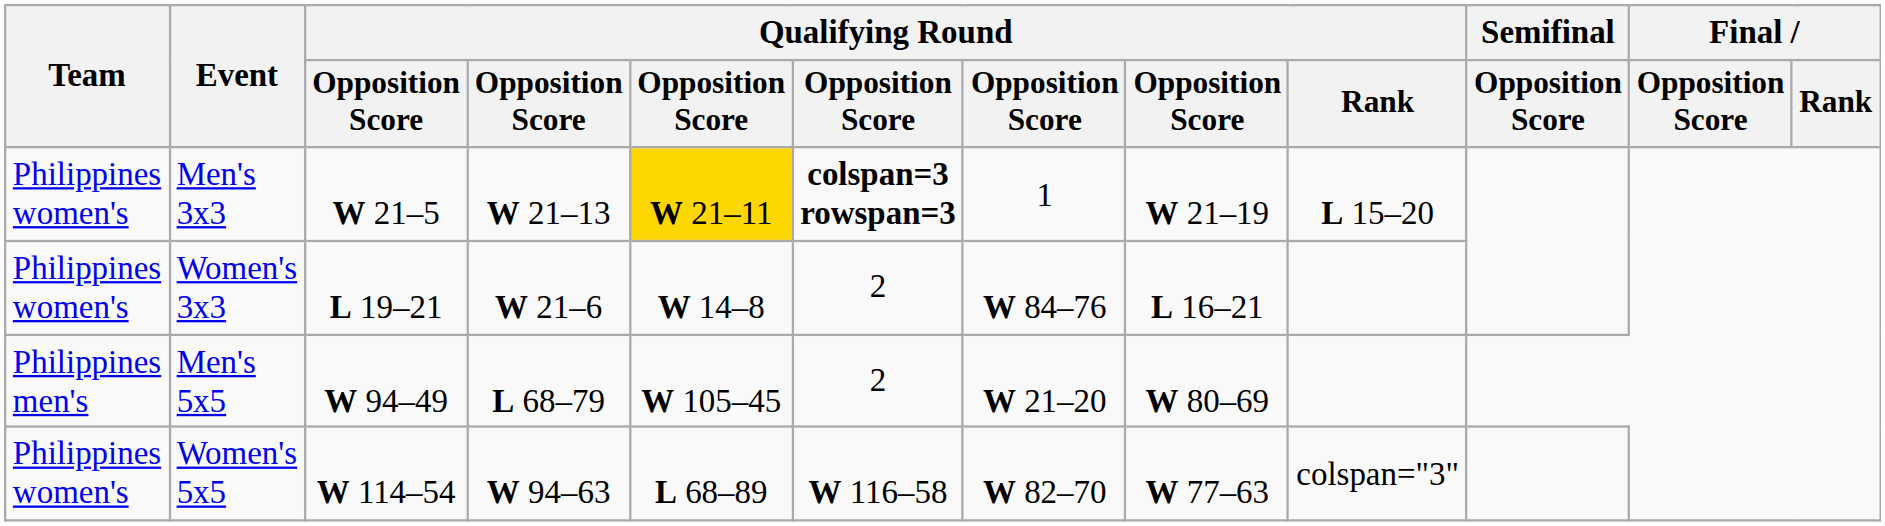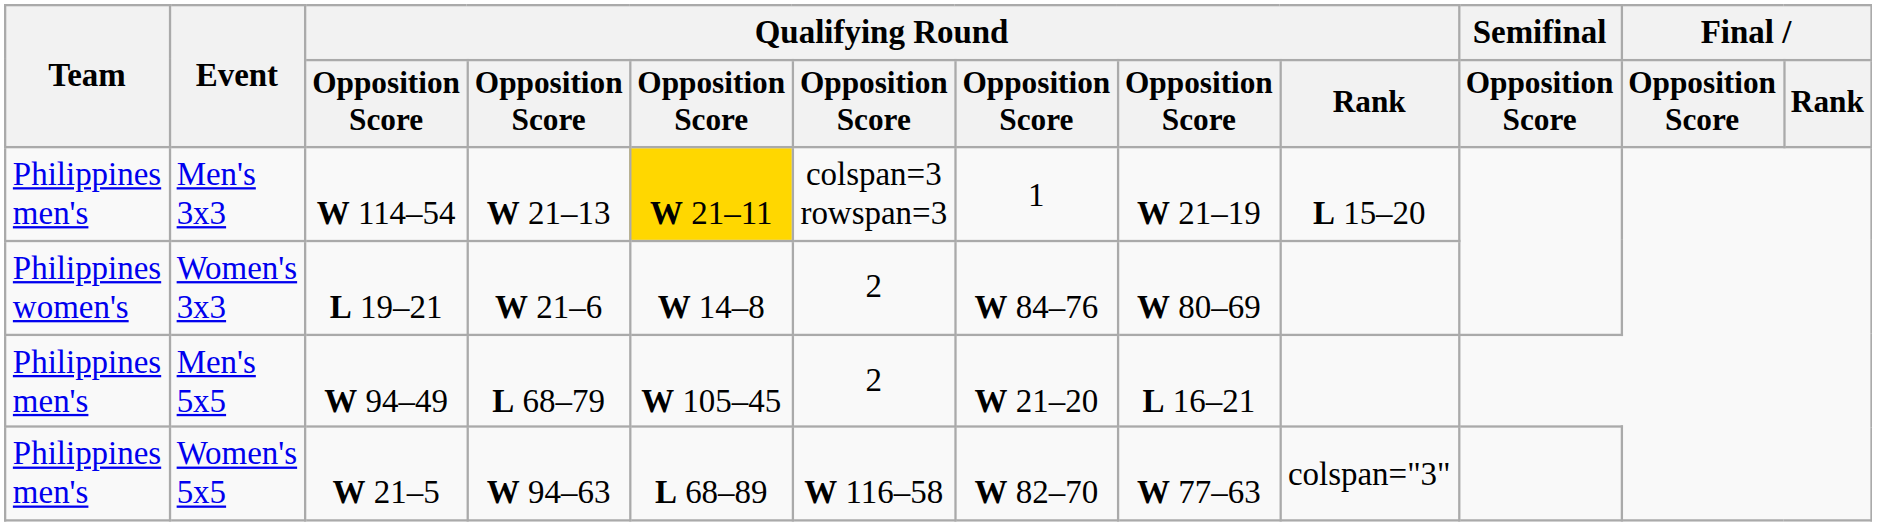 <table class="wikitable" style="font-size:90%">
 <tr>
 <th rowspan=2>Team</th>
 <th rowspan=2>Event</th>
 <th colspan=7>Qualifying Round</th>
 <th>Semifinal</th>
 <th colspan=2>Final / </th>
 </tr>
 <tr style="font-size:95%">
 <th>Opposition<br>Score</th>
 <th>Opposition<br>Score</th>
 <th>Opposition<br>Score</th>
 <th>Opposition<br>Score</th>
 <th>Opposition<br>Score</th>
 <th>Opposition<br>Score</th>
 <th>Rank</th>
 <th>Opposition<br>Score</th>
 <th>Opposition<br>Score</th>
 <th>Rank</th>
 </tr>
 <tr align=center>
-<td align=left><a href='#'>Philippines women's</a></td>
+<td align=left><a href='#'>Philippines men's</a></td>
 <td align=left><a href='#'>Men's 3x3</a></td>
-<td><br><strong>W</strong> 21–5</td>
+<td><br><strong>W</strong> 114–54</td>
 <td><br><strong>W</strong> 21–13</td>
 <td style="background: gold;"><br><strong>W</strong> 21–11</td>
-<td><strong>colspan=3 rowspan=3 </strong></td>
+<td>colspan=3 rowspan=3 </td>
 <td>1</td>
 <td><br><strong>W</strong> 21–19</td>
 <td><br><strong>L</strong> 15–20</td>
 <td rowspan=2></td>
 </tr>
 <tr align=center>
 <td align=left><a href='#'>Philippines women's</a></td>
 <td align=left><a href='#'>Women's 3x3</a></td>
 <td><br><strong>L</strong> 19–21</td>
 <td><br><strong>W</strong> 21–6</td>
 <td><br><strong>W</strong> 14–8</td>
 <td>2</td>
 <td><br><strong>W</strong> 84–76</td>
-<td><br><strong>L</strong> 16–21</td>
+<td><br><strong>W</strong> 80–69</td>
 </tr>
 <tr align=center>
 <td align=left><a href='#'>Philippines men's</a></td>
 <td align=left><a href='#'>Men's 5x5</a></td>
 <td><br><strong>W</strong> 94–49</td>
 <td><br><strong>L</strong> 68–79</td>
 <td><br><strong>W</strong> 105–45</td>
 <td>2</td>
 <td><br><strong>W</strong> 21–20</td>
-<td><br><strong>W</strong> 80–69</td>
+<td><br><strong>L</strong> 16–21</td>
 <td></td>
 </tr>
 <tr align=center>
-<td align=left><a href='#'>Philippines women's</a></td>
+<td align=left><a href='#'>Philippines men's</a></td>
 <td align=left><a href='#'>Women's 5x5</a></td>
-<td><br><strong>W</strong> 114–54</td>
+<td><br><strong>W</strong> 21–5</td>
 <td><br><strong>W</strong> 94–63</td>
 <td><br><strong>L</strong> 68–89</td>
 <td><br><strong>W</strong> 116–58</td>
 <td><br><strong>W</strong> 82–70</td>
 <td><br><strong>W</strong> 77–63</td>
 <td>colspan="3" </td>
 <td></td>
 </tr>
 </table>
